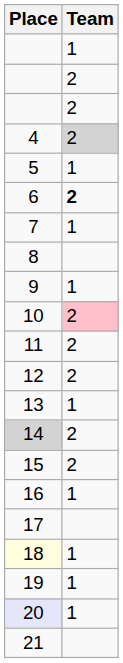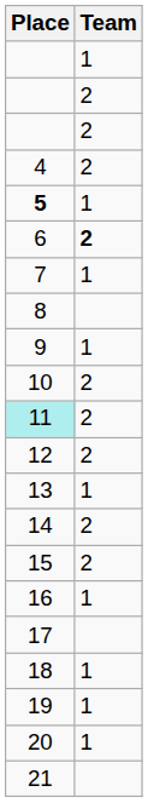 <table class="wikitable">
 <tr>
 <th>Place</th>
 <th>Team</th>
 </tr>
 <tr>
 <td align=center></td>
 <td> 1</td>
 </tr>
 <tr>
 <td align=center></td>
 <td> 2</td>
 </tr>
 <tr>
 <td align=center></td>
 <td> 2</td>
 </tr>
 <tr>
 <td align=center>4</td>
-<td style="background: lightgrey;"> 2</td>
+<td> 2</td>
 </tr>
 <tr>
-<td align=center>5</td>
+<td align=center><strong>5</strong></td>
 <td> 1</td>
 </tr>
 <tr>
 <td align=center>6</td>
 <td><strong> 2</strong></td>
 </tr>
 <tr>
 <td align=center>7</td>
 <td> 1</td>
 </tr>
 <tr>
 <td align=center>8</td>
 <td></td>
 </tr>
 <tr>
 <td align=center>9</td>
 <td> 1</td>
 </tr>
 <tr>
 <td align=center>10</td>
-<td style="background: pink;"> 2</td>
+<td> 2</td>
 </tr>
 <tr>
-<td align=center>11</td>
+<td align=center style="background: paleturquoise;">11</td>
 <td> 2</td>
 </tr>
 <tr>
 <td align=center>12</td>
 <td> 2</td>
 </tr>
 <tr>
 <td align=center>13</td>
 <td> 1</td>
 </tr>
 <tr>
-<td align=center style="background: lightgrey;">14</td>
+<td align=center>14</td>
 <td> 2</td>
 </tr>
 <tr>
 <td align=center>15</td>
 <td> 2</td>
 </tr>
 <tr>
 <td align=center>16</td>
 <td> 1</td>
 </tr>
 <tr>
 <td align=center>17</td>
 <td></td>
 </tr>
 <tr>
-<td align=center style="background: lightyellow;">18</td>
+<td align=center>18</td>
 <td> 1</td>
 </tr>
 <tr>
 <td align=center>19</td>
 <td> 1</td>
 </tr>
 <tr>
-<td align=center style="background: lavender;">20</td>
+<td align=center>20</td>
 <td> 1</td>
 </tr>
 <tr>
 <td align=center>21</td>
 <td></td>
 </tr>
 </table>
